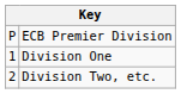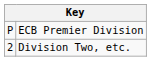 <table class="wikitable" style="font-size:85%">
 <tr>
 <th colspan=2>Key</th>
 </tr>
 <tr>
 <td style="text-align: center;">P</td>
 <td>ECB Premier Division</td>
 </tr>
 <tr>
-<td style="text-align: center;">1</td>
-<td>Division One</td>
-</tr>
-<tr>
 <td style="text-align: center;">2</td>
 <td>Division Two, etc.</td>
 </tr>
 </table>
